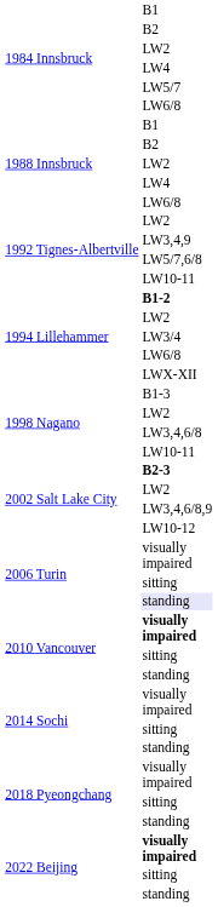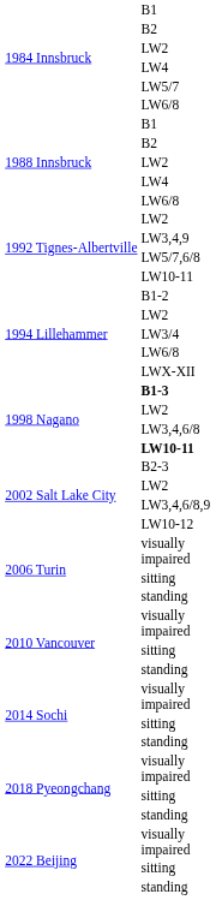 <table>
 <tr>
 <td rowspan="6"><a href='#'>1984 Innsbruck</a><br></td>
 <td>B1</td>
 <td></td>
 <td></td>
 <td></td>
 </tr>
 <tr>
 <td>B2</td>
 <td></td>
 <td></td>
 <td></td>
 </tr>
 <tr>
 <td>LW2</td>
 <td></td>
 <td></td>
 <td></td>
 </tr>
 <tr>
 <td>LW4</td>
 <td></td>
 <td></td>
 <td></td>
 </tr>
 <tr>
 <td>LW5/7</td>
 <td></td>
 <td></td>
 <td></td>
 </tr>
 <tr>
 <td>LW6/8</td>
 <td></td>
 <td></td>
 <td></td>
 </tr>
 <tr>
 <td rowspan="5"><a href='#'>1988 Innsbruck</a><br></td>
 <td>B1</td>
 <td></td>
 <td></td>
 <td></td>
 </tr>
 <tr>
 <td>B2</td>
 <td></td>
 <td></td>
 <td></td>
 </tr>
 <tr>
 <td>LW2</td>
 <td></td>
 <td></td>
 <td></td>
 </tr>
 <tr>
 <td>LW4</td>
 <td></td>
 <td></td>
 <td></td>
 </tr>
 <tr>
 <td>LW6/8</td>
 <td></td>
 <td></td>
 <td></td>
 </tr>
 <tr>
 <td rowspan="4"><a href='#'>1992 Tignes-Albertville</a><br></td>
 <td>LW2</td>
 <td></td>
 <td></td>
 <td></td>
 </tr>
 <tr>
 <td>LW3,4,9</td>
 <td></td>
 <td></td>
 <td></td>
 </tr>
 <tr>
 <td>LW5/7,6/8</td>
 <td></td>
 <td></td>
 <td></td>
 </tr>
 <tr>
 <td>LW10-11</td>
 <td></td>
 <td></td>
 <td></td>
 </tr>
 <tr>
 <td rowspan="5"><a href='#'>1994 Lillehammer</a><br></td>
-<td><strong>B1-2</strong></td>
+<td>B1-2</td>
 <td></td>
 <td></td>
 <td></td>
 </tr>
 <tr>
 <td>LW2</td>
 <td></td>
 <td></td>
 <td></td>
 </tr>
 <tr>
 <td>LW3/4</td>
 <td></td>
 <td></td>
 <td></td>
 </tr>
 <tr>
 <td>LW6/8</td>
 <td></td>
 <td></td>
 <td></td>
 </tr>
 <tr>
 <td>LWX-XII</td>
 <td></td>
 <td></td>
 <td></td>
 </tr>
 <tr>
 <td rowspan="4"><a href='#'>1998 Nagano</a><br></td>
-<td>B1-3</td>
+<td><strong>B1-3</strong></td>
 <td></td>
 <td></td>
 <td></td>
 </tr>
 <tr>
 <td>LW2</td>
 <td></td>
 <td></td>
 <td></td>
 </tr>
 <tr>
 <td>LW3,4,6/8</td>
 <td></td>
 <td></td>
 <td></td>
 </tr>
 <tr>
-<td>LW10-11</td>
+<td><strong>LW10-11</strong></td>
 <td></td>
 <td></td>
 <td></td>
 </tr>
 <tr>
 <td rowspan="4"><a href='#'>2002 Salt Lake City</a><br></td>
-<td><strong>B2-3</strong></td>
+<td>B2-3</td>
 <td></td>
 <td></td>
 <td></td>
 </tr>
 <tr>
 <td>LW2</td>
 <td></td>
 <td></td>
 <td></td>
 </tr>
 <tr>
 <td>LW3,4,6/8,9</td>
 <td></td>
 <td></td>
 <td></td>
 </tr>
 <tr>
 <td>LW10-12</td>
 <td></td>
 <td></td>
 <td></td>
 </tr>
 <tr>
 <td rowspan="3"><a href='#'>2006 Turin</a><br></td>
 <td>visually <br>impaired</td>
 <td></td>
 <td></td>
 <td></td>
 </tr>
 <tr>
 <td>sitting</td>
 <td></td>
 <td></td>
 <td></td>
 </tr>
 <tr>
-<td style="background: lavender;">standing</td>
+<td>standing</td>
 <td></td>
 <td></td>
 <td></td>
 </tr>
 <tr>
 <td rowspan="3"><a href='#'>2010 Vancouver</a><br></td>
-<td><strong>visually <br>impaired</strong></td>
+<td>visually <br>impaired</td>
 <td></td>
 <td></td>
 <td></td>
 </tr>
 <tr>
 <td>sitting</td>
 <td></td>
 <td></td>
 <td></td>
 </tr>
 <tr>
 <td>standing</td>
 <td></td>
 <td></td>
 <td></td>
 </tr>
 <tr>
 <td rowspan="3"><a href='#'>2014 Sochi</a><br></td>
 <td>visually <br>impaired</td>
 <td></td>
 <td></td>
 <td></td>
 </tr>
 <tr>
 <td>sitting</td>
 <td></td>
 <td></td>
 <td></td>
 </tr>
 <tr>
 <td>standing</td>
 <td></td>
 <td></td>
 <td></td>
 </tr>
 <tr>
 <td rowspan="3"><a href='#'>2018 Pyeongchang</a><br></td>
 <td>visually <br>impaired</td>
 <td></td>
 <td></td>
 <td></td>
 </tr>
 <tr>
 <td>sitting</td>
 <td></td>
 <td></td>
 <td></td>
 </tr>
 <tr>
 <td>standing</td>
 <td></td>
 <td></td>
 <td></td>
 </tr>
 <tr>
 <td rowspan="3"><a href='#'>2022 Beijing</a><br></td>
-<td><strong>visually <br>impaired</strong></td>
+<td>visually <br>impaired</td>
 <td></td>
 <td></td>
 <td></td>
 </tr>
 <tr>
 <td>sitting</td>
 <td></td>
 <td></td>
 <td></td>
 </tr>
 <tr>
 <td>standing</td>
 <td></td>
 <td></td>
 <td></td>
 </tr>
 </table>
